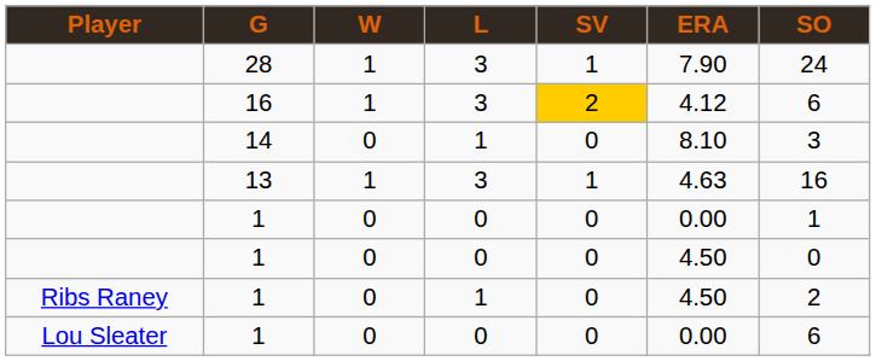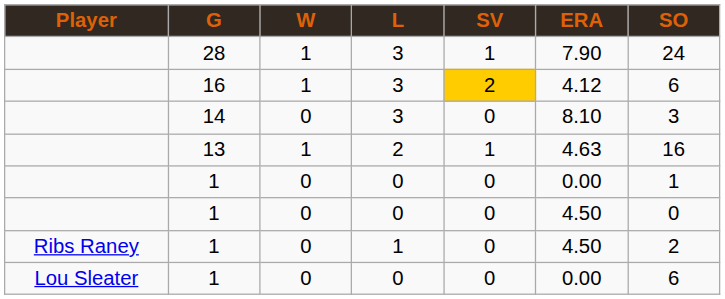 <table class="wikitable sortable">
 <tr>
 <th style="background:#312821;color:#de6108;" width="16%">Player</th>
 <th style="background:#312821;color:#de6108;" width="9%">G</th>
 <th style="background:#312821;color:#de6108;" width="9%">W</th>
 <th style="background:#312821;color:#de6108;" width="9%">L</th>
 <th style="background:#312821;color:#de6108;" width="9%">SV</th>
 <th style="background:#312821;color:#de6108;" width="9%">ERA</th>
 <th style="background:#312821;color:#de6108;" width="9%">SO</th>
 </tr>
 <tr align="center">
 <td></td>
 <td>28</td>
 <td>1</td>
 <td>3</td>
 <td>1</td>
 <td>7.90</td>
 <td>24</td>
 </tr>
 <tr align="center">
 <td></td>
 <td>16</td>
 <td>1</td>
 <td>3</td>
 <td style="background:#fc0;">2</td>
 <td>4.12</td>
 <td>6</td>
 </tr>
 <tr align="center">
 <td></td>
 <td>14</td>
 <td>0</td>
-<td>1</td>
+<td>3</td>
 <td>0</td>
 <td>8.10</td>
 <td>3</td>
 </tr>
 <tr align="center">
 <td></td>
 <td>13</td>
 <td>1</td>
-<td>3</td>
+<td>2</td>
 <td>1</td>
 <td>4.63</td>
 <td>16</td>
 </tr>
 <tr align="center">
 <td></td>
 <td>1</td>
 <td>0</td>
 <td>0</td>
 <td>0</td>
 <td>0.00</td>
 <td>1</td>
 </tr>
 <tr align="center">
 <td></td>
 <td>1</td>
 <td>0</td>
 <td>0</td>
 <td>0</td>
 <td>4.50</td>
 <td>0</td>
 </tr>
 <tr align="center">
 <td><a href='#'>Ribs Raney</a></td>
 <td>1</td>
 <td>0</td>
 <td>1</td>
 <td>0</td>
 <td>4.50</td>
 <td>2</td>
 </tr>
 <tr align="center">
 <td><a href='#'>Lou Sleater</a></td>
 <td>1</td>
 <td>0</td>
 <td>0</td>
 <td>0</td>
 <td>0.00</td>
 <td>6</td>
 </tr>
 </table>
